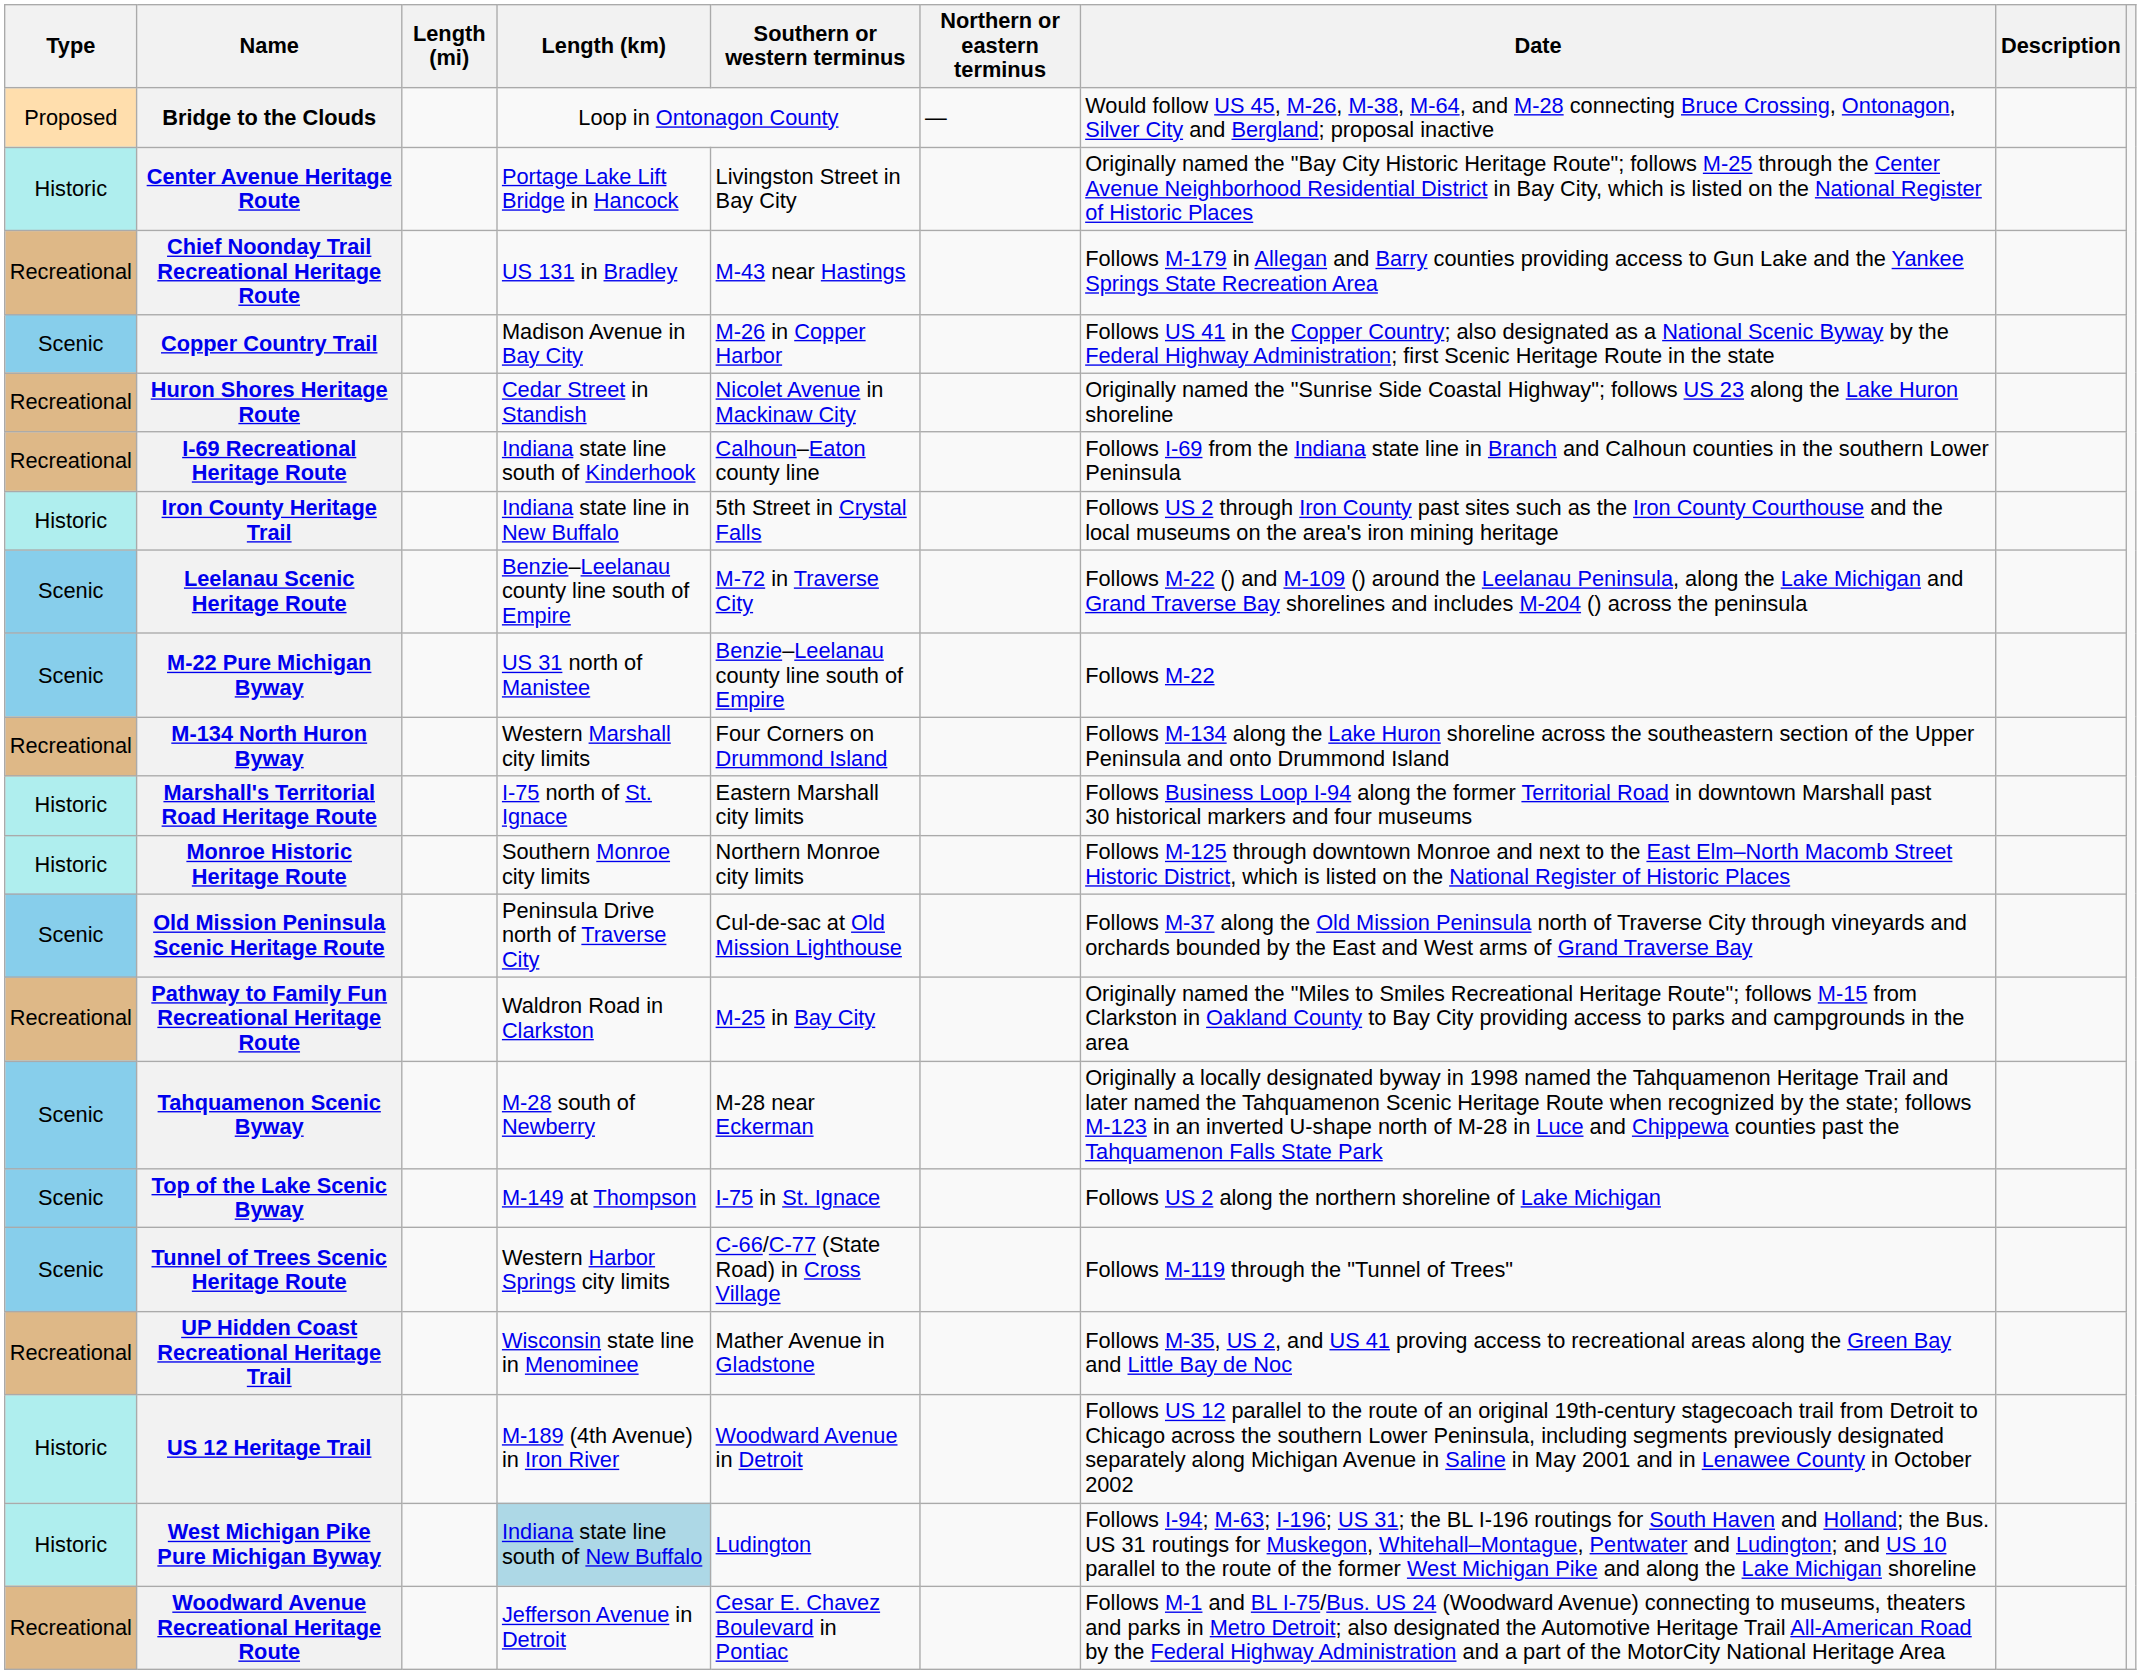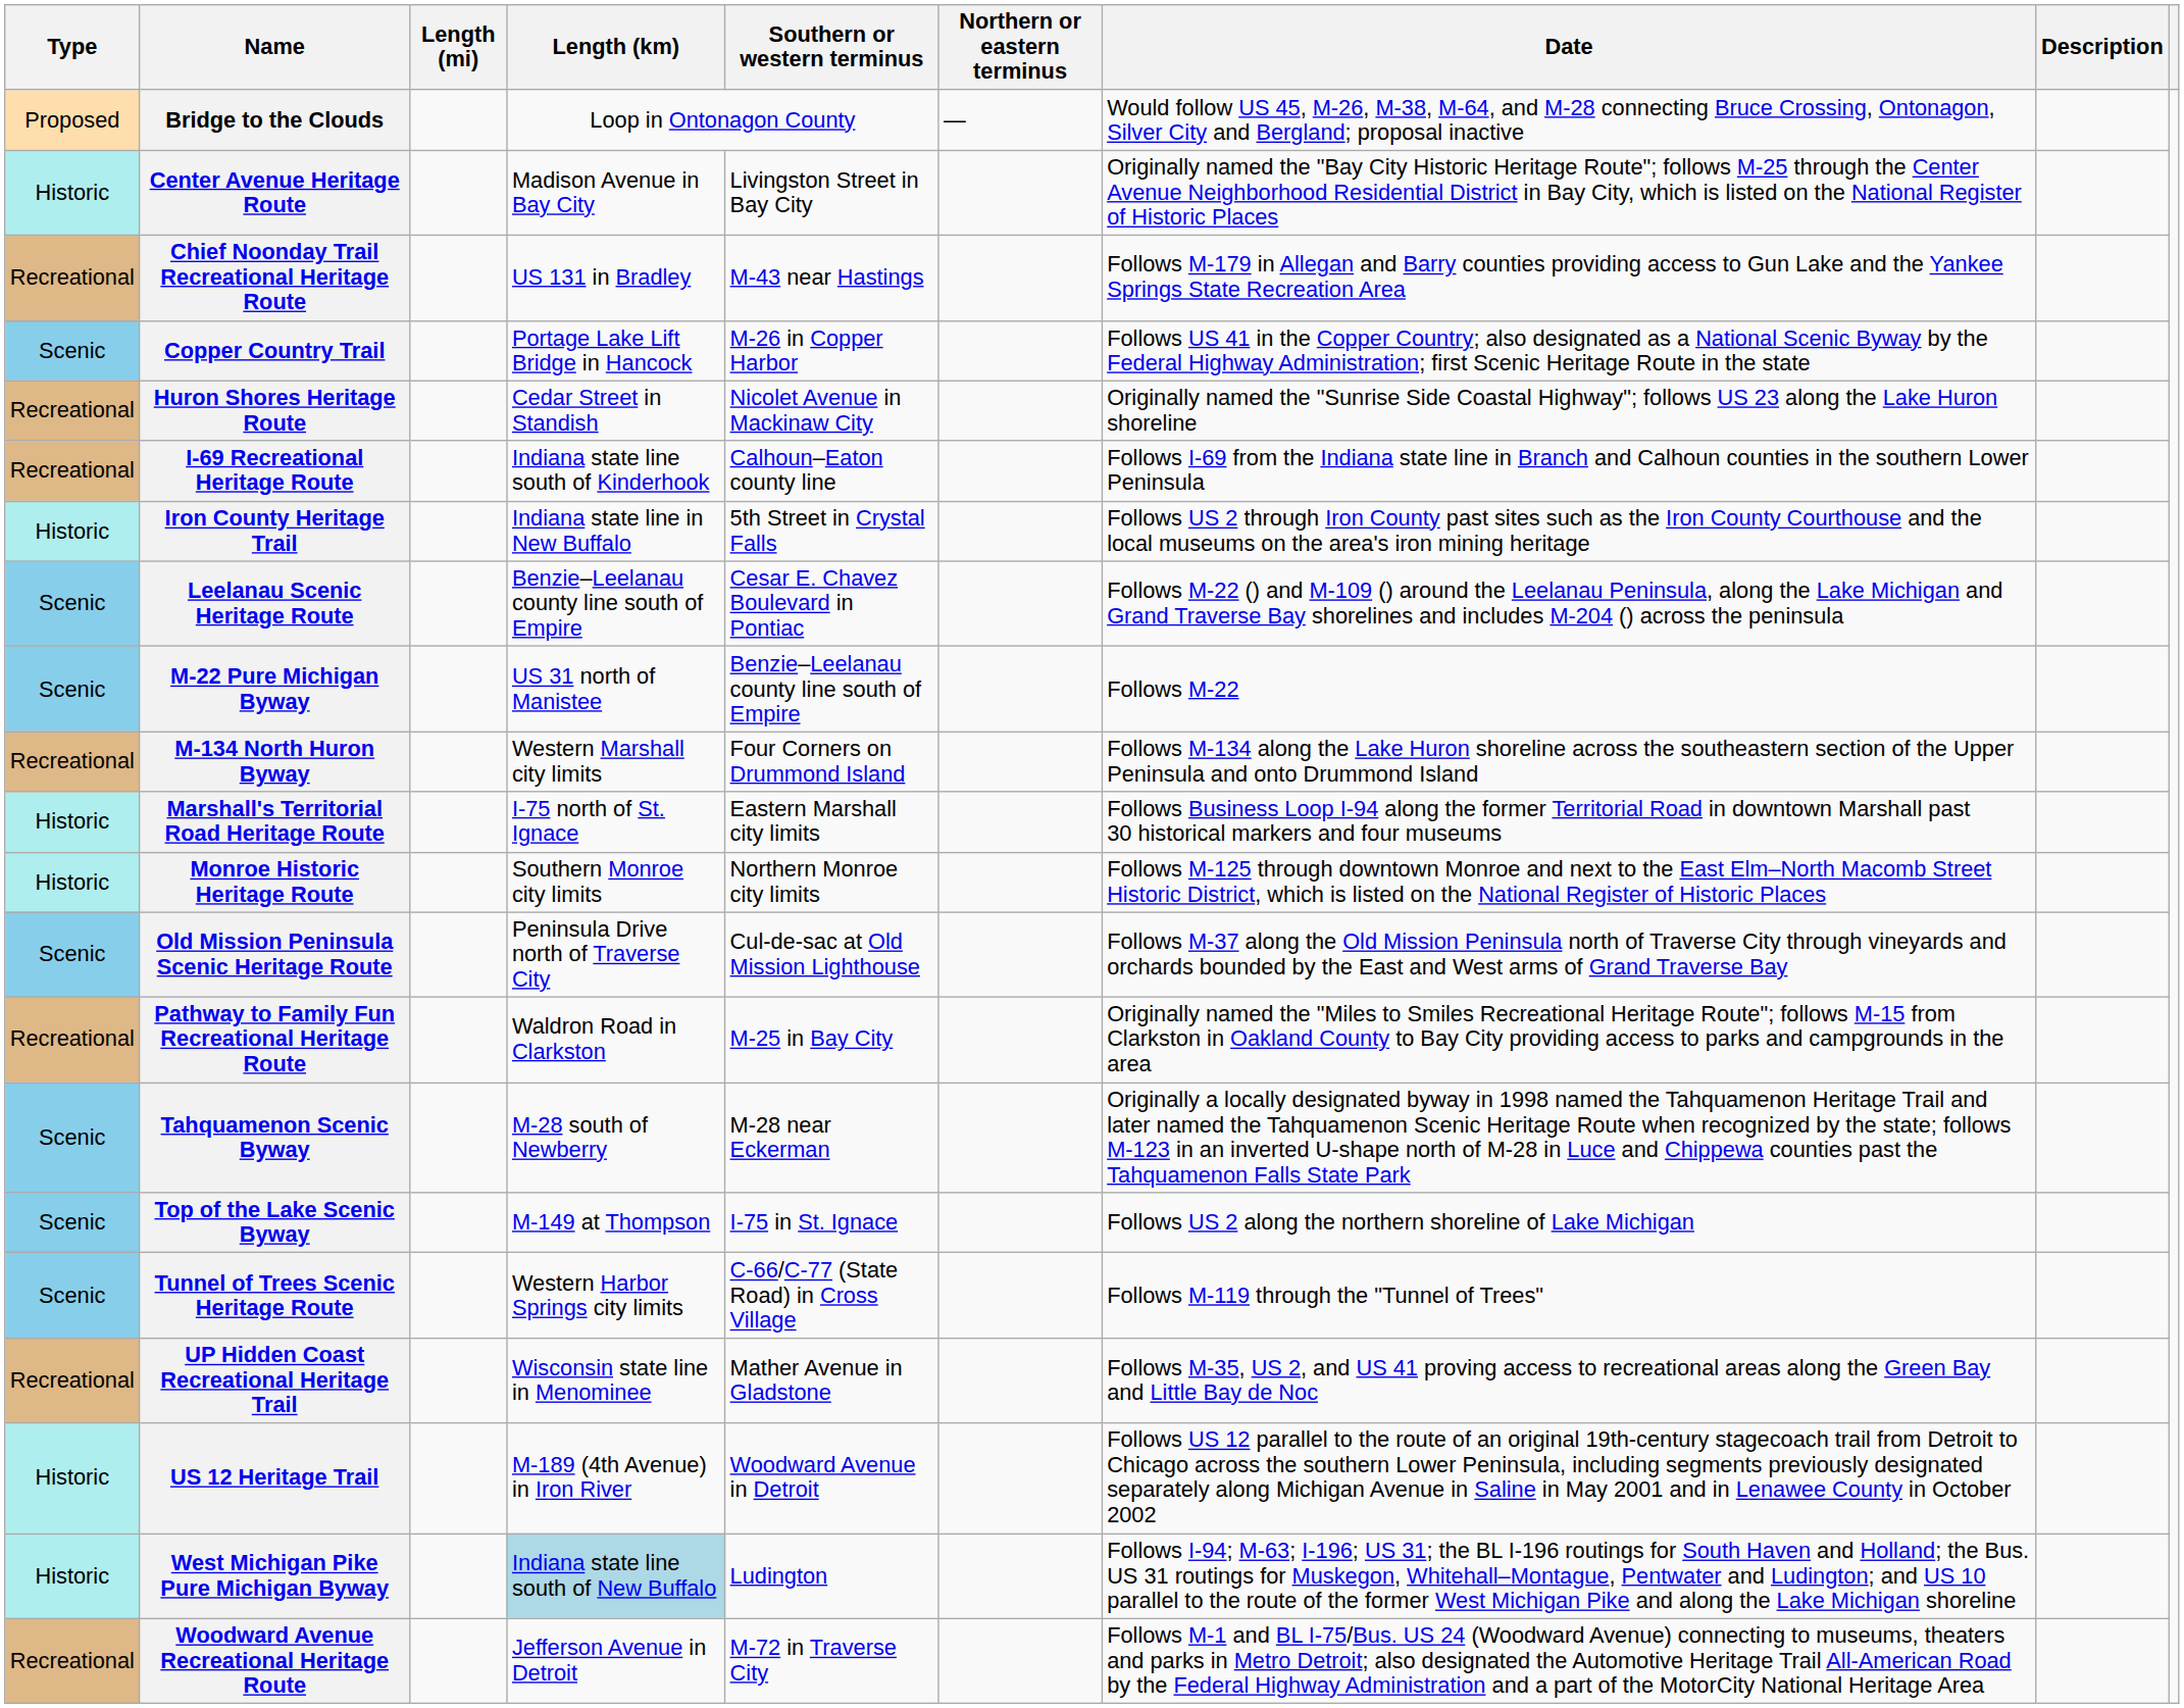 <table class="wikitable sortable plainrowheaders">
 <tr>
 <th scope="col">Type</th>
 <th scope="col">Name</th>
 <th scope="col">Length (mi)</th>
 <th scope="col">Length (km)</th>
 <th scope="col" class="unsortable">Southern or western terminus</th>
 <th scope="col" class="unsortable">Northern or eastern terminus</th>
 <th scope="col">Date</th>
 <th scope="col" class="unsortable">Description</th>
 <th scope="col" class="unsortable"></th>
 </tr>
 <tr>
 <td bgcolor= ffdead align=center>Proposed</td>
 <th scope="row">Bridge to the Clouds</th>
 <td></td>
 <td colspan=2 align=center>Loop in <a href='#'>Ontonagon County</a></td>
 <td>—</td>
 <td>Would follow <a href='#'>US 45</a>, <a href='#'>M-26</a>, <a href='#'>M-38</a>, <a href='#'>M-64</a>, and <a href='#'>M-28</a> connecting <a href='#'>Bruce Crossing</a>, <a href='#'>Ontonagon</a>, <a href='#'>Silver City</a> and <a href='#'>Bergland</a>; proposal inactive </td>
 <td></td>
 </tr>
 <tr>
 <td bgcolor= AFEEEE align= center>Historic</td>
 <th scope="row"><a href='#'>Center Avenue Heritage Route</a></th>
 <td></td>
-<td><a href='#'>Portage Lake Lift Bridge</a> in <a href='#'>Hancock</a></td>
+<td>Madison Avenue in <a href='#'>Bay City</a></td>
 <td>Livingston Street in Bay City</td>
 <td></td>
 <td>Originally named the "Bay City Historic Heritage Route"; follows <a href='#'>M-25</a> through the <a href='#'>Center Avenue Neighborhood Residential District</a> in Bay City, which is listed on the <a href='#'>National Register of Historic Places</a></td>
 <td></td>
 </tr>
 <tr>
 <td bgcolor= DEB887 align= center>Recreational</td>
 <th scope="row"><a href='#'>Chief Noonday Trail Recreational Heritage Route</a></th>
 <td></td>
 <td><a href='#'>US 131</a> in <a href='#'>Bradley</a></td>
 <td><a href='#'>M-43</a> near <a href='#'>Hastings</a></td>
 <td></td>
 <td>Follows <a href='#'>M-179</a> in <a href='#'>Allegan</a> and <a href='#'>Barry</a> counties providing access to Gun Lake and the <a href='#'>Yankee Springs State Recreation Area</a></td>
 <td></td>
 </tr>
 <tr>
 <td bgcolor= 87CEEB align= center>Scenic</td>
 <th scope="row"><a href='#'>Copper Country Trail</a></th>
 <td></td>
-<td>Madison Avenue in <a href='#'>Bay City</a></td>
+<td><a href='#'>Portage Lake Lift Bridge</a> in <a href='#'>Hancock</a></td>
 <td><a href='#'>M-26</a> in <a href='#'>Copper Harbor</a></td>
 <td></td>
 <td>Follows <a href='#'>US 41</a> in the <a href='#'>Copper Country</a>; also designated as a <a href='#'>National Scenic Byway</a> by the <a href='#'>Federal Highway Administration</a>; first Scenic Heritage Route in the state</td>
 <td></td>
 </tr>
 <tr>
 <td bgcolor= DEB887 align= center>Recreational</td>
 <th scope="row"><a href='#'>Huron Shores Heritage Route</a></th>
 <td></td>
 <td><a href='#'>Cedar Street</a> in <a href='#'>Standish</a></td>
 <td><a href='#'>Nicolet Avenue</a> in <a href='#'>Mackinaw City</a></td>
 <td></td>
 <td>Originally named the "Sunrise Side Coastal Highway"; follows <a href='#'>US 23</a> along the <a href='#'>Lake Huron</a> shoreline</td>
 <td></td>
 </tr>
 <tr>
 <td bgcolor= DEB887 align= center>Recreational</td>
 <th scope="row"><a href='#'>I-69 Recreational Heritage Route</a></th>
 <td></td>
 <td><a href='#'>Indiana</a> state line south of <a href='#'>Kinderhook</a></td>
 <td><a href='#'>Calhoun</a>–<a href='#'>Eaton</a> county line</td>
 <td></td>
 <td>Follows <a href='#'>I-69</a> from the <a href='#'>Indiana</a> state line in <a href='#'>Branch</a> and Calhoun counties in the southern Lower Peninsula</td>
 <td></td>
 </tr>
 <tr>
 <td bgcolor= AFEEEE align= center>Historic</td>
 <th scope="row"><a href='#'>Iron County Heritage Trail</a></th>
 <td></td>
 <td><a href='#'>Indiana</a> state line in <a href='#'>New Buffalo</a></td>
 <td>5th Street in <a href='#'>Crystal Falls</a></td>
 <td></td>
 <td>Follows <a href='#'>US 2</a> through <a href='#'>Iron County</a> past sites such as the <a href='#'>Iron County Courthouse</a> and the local museums on the area's iron mining heritage</td>
 <td></td>
 </tr>
 <tr>
 <td bgcolor= 87CEEB align= center>Scenic</td>
 <th scope="row"><a href='#'>Leelanau Scenic Heritage Route</a></th>
 <td></td>
 <td><a href='#'>Benzie</a>–<a href='#'>Leelanau</a> county line south of <a href='#'>Empire</a></td>
-<td><a href='#'>M-72</a> in <a href='#'>Traverse City</a></td>
+<td><a href='#'>Cesar E. Chavez Boulevard</a> in <a href='#'>Pontiac</a></td>
 <td></td>
 <td>Follows <a href='#'>M-22</a> () and <a href='#'>M-109</a> () around the <a href='#'>Leelanau Peninsula</a>, along the <a href='#'>Lake Michigan</a> and <a href='#'>Grand Traverse Bay</a> shorelines and includes <a href='#'>M-204</a> () across the peninsula</td>
 <td></td>
 </tr>
 <tr>
 <td bgcolor= 87CEEB align= center>Scenic</td>
 <th scope="row"><a href='#'>M-22 Pure Michigan Byway</a></th>
 <td></td>
 <td><a href='#'>US 31</a> north of <a href='#'>Manistee</a></td>
 <td><a href='#'>Benzie</a>–<a href='#'>Leelanau</a> county line south of <a href='#'>Empire</a></td>
 <td></td>
 <td>Follows <a href='#'>M-22</a></td>
 <td></td>
 </tr>
 <tr>
 <td bgcolor= DEB887 align= center>Recreational</td>
 <th scope="row"><a href='#'>M-134 North Huron Byway</a></th>
 <td></td>
 <td>Western <a href='#'>Marshall</a> city limits</td>
 <td>Four Corners on <a href='#'>Drummond Island</a></td>
 <td></td>
 <td>Follows <a href='#'>M-134</a> along the <a href='#'>Lake Huron</a> shoreline across the southeastern section of the Upper Peninsula and onto Drummond Island</td>
 <td></td>
 </tr>
 <tr>
 <td bgcolor= AFEEEE align= center>Historic</td>
 <th scope="row"><a href='#'>Marshall's Territorial Road Heritage Route</a></th>
 <td></td>
 <td><a href='#'>I-75</a> north of <a href='#'>St. Ignace</a></td>
 <td>Eastern Marshall city limits</td>
 <td></td>
 <td>Follows <a href='#'>Business Loop I-94</a> along the former <a href='#'>Territorial Road</a> in downtown Marshall past 30 historical markers and four museums</td>
 <td></td>
 </tr>
 <tr>
 <td bgcolor= AFEEEE align= center>Historic</td>
 <th scope="row"><a href='#'>Monroe Historic Heritage Route</a></th>
 <td></td>
 <td>Southern <a href='#'>Monroe</a> city limits</td>
 <td>Northern Monroe city limits</td>
 <td></td>
 <td>Follows <a href='#'>M-125</a> through downtown Monroe and next to the <a href='#'>East Elm–North Macomb Street Historic District</a>, which is listed on the <a href='#'>National Register of Historic Places</a></td>
 <td></td>
 </tr>
 <tr>
 <td bgcolor= 87CEEB align= center>Scenic</td>
 <th scope="row"><a href='#'>Old Mission Peninsula Scenic Heritage Route</a></th>
 <td></td>
 <td>Peninsula Drive north of <a href='#'>Traverse City</a></td>
 <td>Cul-de-sac at <a href='#'>Old Mission Lighthouse</a></td>
 <td></td>
 <td>Follows <a href='#'>M-37</a> along the <a href='#'>Old Mission Peninsula</a> north of Traverse City through vineyards and orchards bounded by the East and West arms of <a href='#'>Grand Traverse Bay</a></td>
 <td></td>
 </tr>
 <tr>
 <td bgcolor= DEB887 align= center>Recreational</td>
 <th scope="row"><a href='#'>Pathway to Family Fun Recreational Heritage Route</a></th>
 <td></td>
 <td>Waldron Road in <a href='#'>Clarkston</a></td>
 <td><a href='#'>M-25</a> in <a href='#'>Bay City</a></td>
 <td></td>
 <td>Originally named the "Miles to Smiles Recreational Heritage Route"; follows <a href='#'>M-15</a> from Clarkston in <a href='#'>Oakland County</a> to Bay City providing access to parks and campgrounds in the area</td>
 <td></td>
 </tr>
 <tr>
 <td bgcolor= 87CEEB align= center>Scenic</td>
 <th scope="row"><a href='#'>Tahquamenon Scenic Byway</a></th>
 <td></td>
 <td><a href='#'>M-28</a> south of <a href='#'>Newberry</a></td>
 <td>M-28 near <a href='#'>Eckerman</a></td>
 <td></td>
 <td>Originally a locally designated byway in 1998 named the Tahquamenon Heritage Trail and later named the Tahquamenon Scenic Heritage Route when recognized by the state; follows <a href='#'>M-123</a> in an inverted U-shape north of M-28 in <a href='#'>Luce</a> and <a href='#'>Chippewa</a> counties past the <a href='#'>Tahquamenon Falls State Park</a></td>
 <td></td>
 </tr>
 <tr>
 <td bgcolor= 87CEEB align= center>Scenic</td>
 <th scope="row"><a href='#'>Top of the Lake Scenic Byway</a></th>
 <td></td>
 <td><a href='#'>M-149</a> at <a href='#'>Thompson</a></td>
 <td><a href='#'>I-75</a> in <a href='#'>St. Ignace</a></td>
 <td></td>
 <td>Follows <a href='#'>US 2</a> along the northern shoreline of <a href='#'>Lake Michigan</a></td>
 <td></td>
 </tr>
 <tr>
 <td bgcolor= 87CEEB align= center>Scenic</td>
 <th scope="row"><a href='#'>Tunnel of Trees Scenic Heritage Route</a></th>
 <td></td>
 <td>Western <a href='#'>Harbor Springs</a> city limits</td>
 <td><a href='#'>C-66</a>/<a href='#'>C-77</a> (State Road) in <a href='#'>Cross Village</a></td>
 <td></td>
 <td>Follows <a href='#'>M-119</a> through the "Tunnel of Trees"</td>
 <td></td>
 </tr>
 <tr>
 <td bgcolor= DEB887 align= center>Recreational</td>
 <th scope="row"><a href='#'>UP Hidden Coast Recreational Heritage Trail</a></th>
 <td></td>
 <td><a href='#'>Wisconsin</a> state line in <a href='#'>Menominee</a></td>
 <td>Mather Avenue in <a href='#'>Gladstone</a></td>
 <td></td>
 <td>Follows <a href='#'>M-35</a>, <a href='#'>US 2</a>, and <a href='#'>US 41</a> proving access to recreational areas along the <a href='#'>Green Bay</a> and <a href='#'>Little Bay de Noc</a></td>
 <td></td>
 </tr>
 <tr>
 <td bgcolor= AFEEEE align= center>Historic</td>
 <th scope="row"><a href='#'>US&nbsp;12 Heritage Trail</a></th>
 <td></td>
 <td><a href='#'>M-189</a> (4th Avenue) in <a href='#'>Iron River</a></td>
 <td><a href='#'>Woodward Avenue</a> in <a href='#'>Detroit</a></td>
 <td></td>
 <td>Follows <a href='#'>US 12</a> parallel to the route of an original 19th-century stagecoach trail from Detroit to Chicago across the southern Lower Peninsula, including segments previously designated separately along Michigan Avenue in <a href='#'>Saline</a>  in May 2001 and in <a href='#'>Lenawee County</a> in October 2002</td>
 <td></td>
 </tr>
 <tr>
 <td bgcolor= AFEEEE align= center>Historic</td>
 <th scope="row"><a href='#'>West Michigan Pike Pure Michigan Byway</a></th>
 <td></td>
 <td style="background: lightblue;"><a href='#'>Indiana</a> state line south of <a href='#'>New Buffalo</a></td>
 <td><a href='#'>Ludington</a></td>
 <td></td>
 <td>Follows <a href='#'>I-94</a>; <a href='#'>M-63</a>; <a href='#'>I-196</a>; <a href='#'>US 31</a>; the BL I-196 routings for <a href='#'>South Haven</a> and <a href='#'>Holland</a>; the Bus. US 31 routings for <a href='#'>Muskegon</a>, <a href='#'>Whitehall–Montague</a>, <a href='#'>Pentwater</a> and <a href='#'>Ludington</a>; and <a href='#'>US 10</a> parallel to the route of the former <a href='#'>West Michigan Pike</a> and along the <a href='#'>Lake Michigan</a> shoreline</td>
 <td></td>
 </tr>
 <tr>
 <td bgcolor= DEB887 align= center>Recreational</td>
 <th scope="row"><a href='#'>Woodward Avenue Recreational Heritage Route</a></th>
 <td></td>
 <td><a href='#'>Jefferson Avenue</a> in <a href='#'>Detroit</a></td>
-<td><a href='#'>Cesar E. Chavez Boulevard</a> in <a href='#'>Pontiac</a></td>
+<td><a href='#'>M-72</a> in <a href='#'>Traverse City</a></td>
 <td></td>
 <td>Follows <a href='#'>M-1</a> and <a href='#'>BL I-75</a>/<a href='#'>Bus. US 24</a> (Woodward Avenue) connecting to museums, theaters and parks in <a href='#'>Metro Detroit</a>; also designated the Automotive Heritage Trail <a href='#'>All-American Road</a> by the <a href='#'>Federal Highway Administration</a> and a part of the MotorCity National Heritage Area</td>
 <td></td>
 </tr>
 </table>
